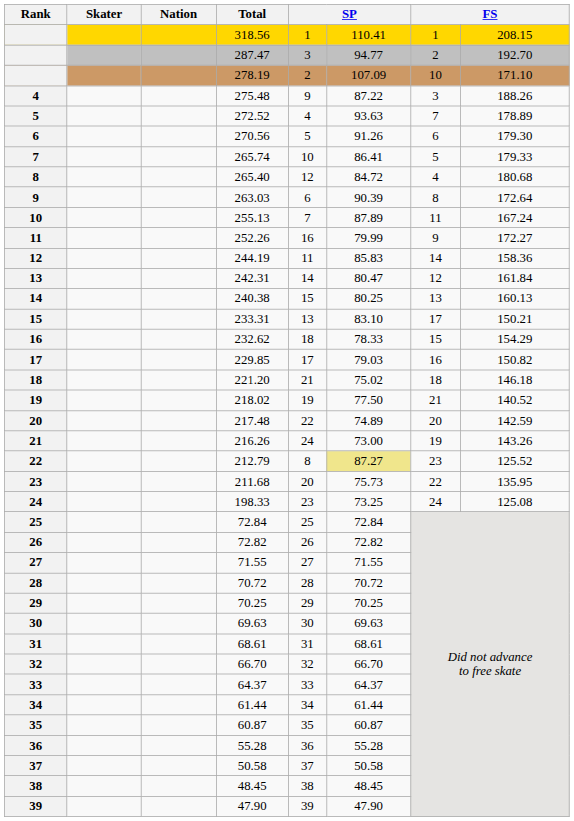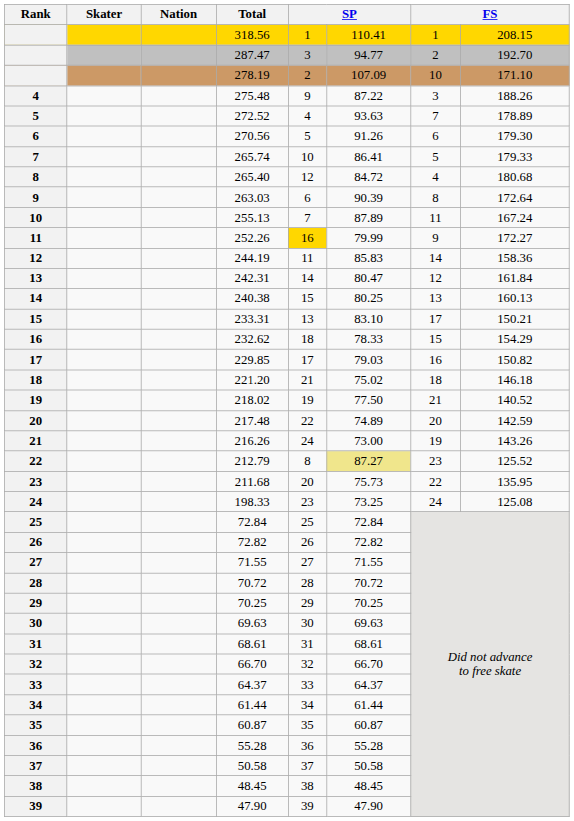 <table class="wikitable sortable" style="text-align:center; width:80%">
 <tr>
 <th scope="col">Rank</th>
 <th scope="col">Skater</th>
 <th scope="col">Nation</th>
 <th scope="col">Total</th>
 <th colspan="2" width="80px"><a href='#'>SP</a></th>
 <th colspan="2" width="80px"><a href='#'>FS</a></th>
 </tr>
 <tr bgcolor="gold">
 <th scope="row"></th>
 <td align="left"></td>
 <td align="left"></td>
 <td>318.56</td>
 <td>1</td>
 <td>110.41</td>
 <td>1</td>
 <td>208.15</td>
 </tr>
 <tr bgcolor="silver">
 <th scope="row"></th>
 <td align="left"></td>
 <td align="left"></td>
 <td>287.47</td>
 <td>3</td>
 <td>94.77</td>
 <td>2</td>
 <td>192.70</td>
 </tr>
 <tr bgcolor="#cc9966">
 <th scope="row"></th>
 <td align="left"></td>
 <td align="left"></td>
 <td>278.19</td>
 <td>2</td>
 <td>107.09</td>
 <td>10</td>
 <td>171.10</td>
 </tr>
 <tr>
 <th scope="row">4</th>
 <td align="left"></td>
 <td align="left"></td>
 <td>275.48</td>
 <td>9</td>
 <td>87.22</td>
 <td>3</td>
 <td>188.26</td>
 </tr>
 <tr>
 <th scope="row">5</th>
 <td align="left"></td>
 <td align="left"></td>
 <td>272.52</td>
 <td>4</td>
 <td>93.63</td>
 <td>7</td>
 <td>178.89</td>
 </tr>
 <tr>
 <th scope="row">6</th>
 <td align="left"></td>
 <td align="left"></td>
 <td>270.56</td>
 <td>5</td>
 <td>91.26</td>
 <td>6</td>
 <td>179.30</td>
 </tr>
 <tr>
 <th scope="row">7</th>
 <td align="left"></td>
 <td align="left"></td>
 <td>265.74</td>
 <td>10</td>
 <td>86.41</td>
 <td>5</td>
 <td>179.33</td>
 </tr>
 <tr>
 <th scope="row">8</th>
 <td align="left"></td>
 <td align="left"></td>
 <td>265.40</td>
 <td>12</td>
 <td>84.72</td>
 <td>4</td>
 <td>180.68</td>
 </tr>
 <tr>
 <th scope="row">9</th>
 <td align="left"></td>
 <td align="left"></td>
 <td>263.03</td>
 <td>6</td>
 <td>90.39</td>
 <td>8</td>
 <td>172.64</td>
 </tr>
 <tr>
 <th scope="row">10</th>
 <td align="left"></td>
 <td align="left"></td>
 <td>255.13</td>
 <td>7</td>
 <td>87.89</td>
 <td>11</td>
 <td>167.24</td>
 </tr>
 <tr>
 <th scope="row">11</th>
 <td align="left"></td>
 <td align="left"></td>
 <td>252.26</td>
-<td>16</td>
+<td style="background: gold;">16</td>
 <td>79.99</td>
 <td>9</td>
 <td>172.27</td>
 </tr>
 <tr>
 <th scope="row">12</th>
 <td align="left"></td>
 <td align="left"></td>
 <td>244.19</td>
 <td>11</td>
 <td>85.83</td>
 <td>14</td>
 <td>158.36</td>
 </tr>
 <tr>
 <th scope="row">13</th>
 <td align="left"></td>
 <td align="left"></td>
 <td>242.31</td>
 <td>14</td>
 <td>80.47</td>
 <td>12</td>
 <td>161.84</td>
 </tr>
 <tr>
 <th scope="row">14</th>
 <td align="left"></td>
 <td align="left"></td>
 <td>240.38</td>
 <td>15</td>
 <td>80.25</td>
 <td>13</td>
 <td>160.13</td>
 </tr>
 <tr>
 <th scope="row">15</th>
 <td align="left"></td>
 <td align="left"></td>
 <td>233.31</td>
 <td>13</td>
 <td>83.10</td>
 <td>17</td>
 <td>150.21</td>
 </tr>
 <tr>
 <th scope="row">16</th>
 <td align="left"></td>
 <td align="left"></td>
 <td>232.62</td>
 <td>18</td>
 <td>78.33</td>
 <td>15</td>
 <td>154.29</td>
 </tr>
 <tr>
 <th scope="row">17</th>
 <td align="left"></td>
 <td align="left"></td>
 <td>229.85</td>
 <td>17</td>
 <td>79.03</td>
 <td>16</td>
 <td>150.82</td>
 </tr>
 <tr>
 <th scope="row">18</th>
 <td align="left"></td>
 <td align="left"></td>
 <td>221.20</td>
 <td>21</td>
 <td>75.02</td>
 <td>18</td>
 <td>146.18</td>
 </tr>
 <tr>
 <th scope="row">19</th>
 <td align="left"></td>
 <td align="left"></td>
 <td>218.02</td>
 <td>19</td>
 <td>77.50</td>
 <td>21</td>
 <td>140.52</td>
 </tr>
 <tr>
 <th scope="row">20</th>
 <td align="left"></td>
 <td align="left"></td>
 <td>217.48</td>
 <td>22</td>
 <td>74.89</td>
 <td>20</td>
 <td>142.59</td>
 </tr>
 <tr>
 <th scope="row">21</th>
 <td align="left"></td>
 <td align="left"></td>
 <td>216.26</td>
 <td>24</td>
 <td>73.00</td>
 <td>19</td>
 <td>143.26</td>
 </tr>
 <tr>
 <th scope="row">22</th>
 <td align="left"></td>
 <td align="left"></td>
 <td>212.79</td>
 <td>8</td>
 <td style="background: khaki;">87.27</td>
 <td>23</td>
 <td>125.52</td>
 </tr>
 <tr>
 <th scope="row">23</th>
 <td align="left"></td>
 <td align="left"></td>
 <td>211.68</td>
 <td>20</td>
 <td>75.73</td>
 <td>22</td>
 <td>135.95</td>
 </tr>
 <tr>
 <th scope="row">24</th>
 <td align="left"></td>
 <td align="left"></td>
 <td>198.33</td>
 <td>23</td>
 <td>73.25</td>
 <td>24</td>
 <td>125.08</td>
 </tr>
 <tr>
 <th scope="row">25</th>
 <td align="left"></td>
 <td align="left"></td>
 <td>72.84</td>
 <td>25</td>
 <td>72.84</td>
 <td colspan="2" rowspan="17" bgcolor="e5e4e2" align="center"><em>Did not advance<br>to free skate</em></td>
 </tr>
 <tr>
 <th scope="row">26</th>
 <td align="left"></td>
 <td align="left"></td>
 <td>72.82</td>
 <td>26</td>
 <td>72.82</td>
 </tr>
 <tr>
 <th scope="row">27</th>
 <td align="left"></td>
 <td align="left"></td>
 <td>71.55</td>
 <td>27</td>
 <td>71.55</td>
 </tr>
 <tr>
 <th scope="row">28</th>
 <td align="left"></td>
 <td align="left"></td>
 <td>70.72</td>
 <td>28</td>
 <td>70.72</td>
 </tr>
 <tr>
 <th scope="row">29</th>
 <td align="left"></td>
 <td align="left"></td>
 <td>70.25</td>
 <td>29</td>
 <td>70.25</td>
 </tr>
 <tr>
 <th scope="row">30</th>
 <td align="left"></td>
 <td align="left"></td>
 <td>69.63</td>
 <td>30</td>
 <td>69.63</td>
 </tr>
 <tr>
 <th scope="row">31</th>
 <td align="left"></td>
 <td align="left"></td>
 <td>68.61</td>
 <td>31</td>
 <td>68.61</td>
 </tr>
 <tr>
 <th scope="row">32</th>
 <td align="left"></td>
 <td align="left"></td>
 <td>66.70</td>
 <td>32</td>
 <td>66.70</td>
 </tr>
 <tr>
 <th scope="row">33</th>
 <td align="left"></td>
 <td align="left"></td>
 <td>64.37</td>
 <td>33</td>
 <td>64.37</td>
 </tr>
 <tr>
 <th scope="row">34</th>
 <td align="left"></td>
 <td align="left"></td>
 <td>61.44</td>
 <td>34</td>
 <td>61.44</td>
 </tr>
 <tr>
 <th scope="row">35</th>
 <td align="left"></td>
 <td align="left"></td>
 <td>60.87</td>
 <td>35</td>
 <td>60.87</td>
 </tr>
 <tr>
 <th scope="row">36</th>
 <td align="left"></td>
 <td align="left"></td>
 <td>55.28</td>
 <td>36</td>
 <td>55.28</td>
 </tr>
 <tr>
 <th scope="row">37</th>
 <td align="left"></td>
 <td align="left"></td>
 <td>50.58</td>
 <td>37</td>
 <td>50.58</td>
 </tr>
 <tr>
 <th scope="row">38</th>
 <td align="left"></td>
 <td align="left"></td>
 <td>48.45</td>
 <td>38</td>
 <td>48.45</td>
 </tr>
 <tr>
 <th scope="row">39</th>
 <td align="left"></td>
 <td align="left"></td>
 <td>47.90</td>
 <td>39</td>
 <td>47.90</td>
 </tr>
 </table>
